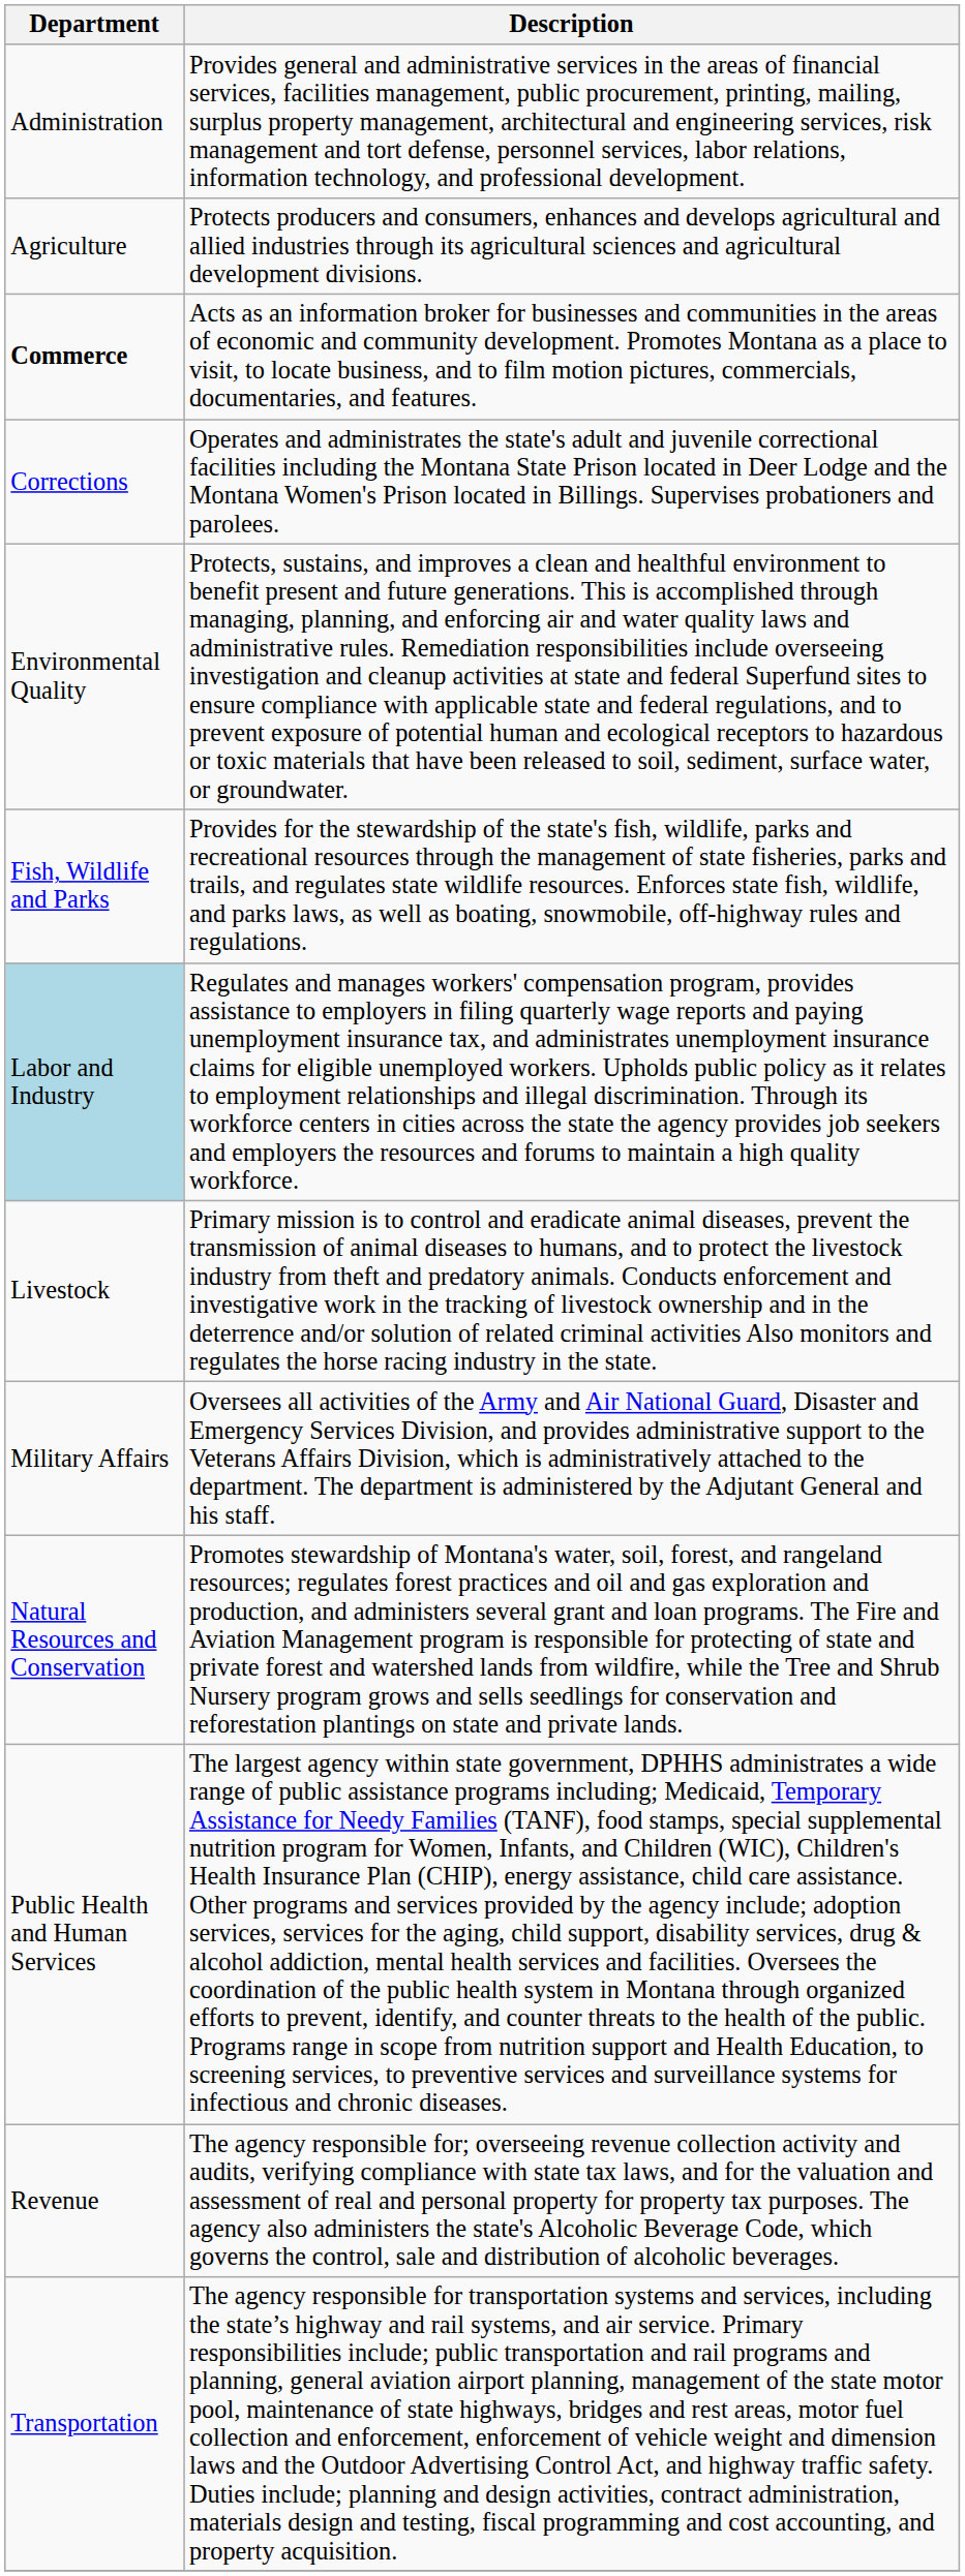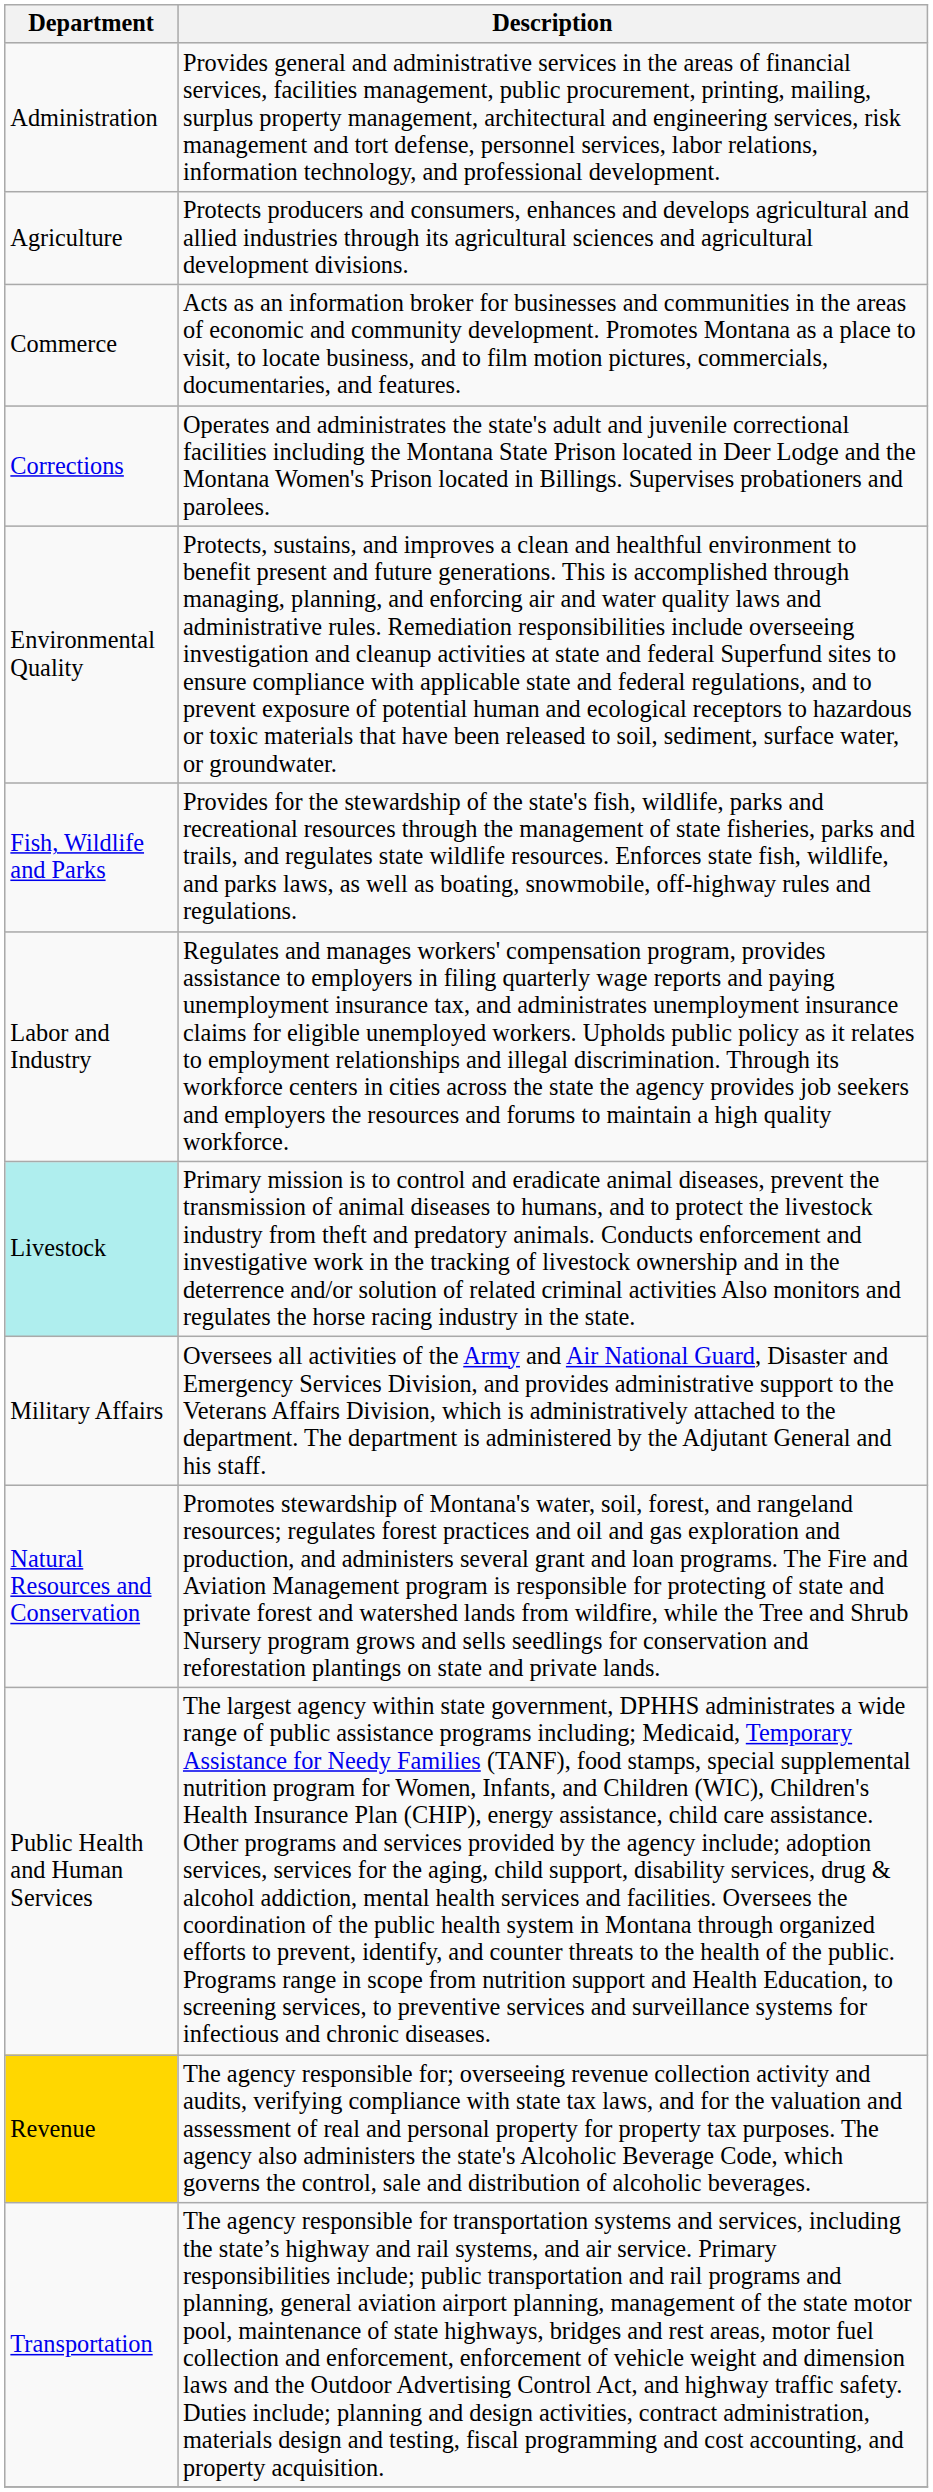 <table class="wikitable">
 <tr>
 <th rowspan="1">Department</th>
 <th rowspan="1">Description</th>
 </tr>
 <tr>
 <td rowspan="1">Administration</td>
 <td>Provides general and administrative services in the areas of financial services, facilities management, public procurement, printing, mailing, surplus property management, architectural and engineering services, risk management and tort defense, personnel services, labor relations, information technology, and professional development.</td>
 </tr>
 <tr>
 <td rowspan="1">Agriculture</td>
 <td>Protects producers and consumers, enhances and develops agricultural and allied industries through its agricultural sciences and agricultural development divisions.</td>
 </tr>
 <tr>
-<td rowspan="1"><strong>Commerce</strong></td>
+<td rowspan="1">Commerce</td>
 <td>Acts as an information broker for businesses and communities in the areas of economic and community development.  Promotes Montana as a place to visit, to locate business, and to film motion pictures, commercials, documentaries, and features.</td>
 </tr>
 <tr>
 <td rowspan="1"><a href='#'>Corrections</a></td>
 <td>Operates and administrates the state's adult and juvenile correctional facilities including the Montana State Prison located in Deer Lodge and the Montana Women's Prison located in Billings.  Supervises probationers and parolees.</td>
 </tr>
 <tr>
 <td rowspan="1">Environmental Quality</td>
 <td>Protects, sustains, and improves a clean and healthful environment to benefit present and future generations.  This is accomplished through managing, planning, and enforcing air and water quality laws and administrative rules.  Remediation responsibilities include overseeing investigation and cleanup activities at state and federal Superfund sites to ensure compliance with applicable state and federal regulations, and to prevent exposure of potential human and ecological receptors to hazardous or toxic materials that have been released to soil, sediment, surface water, or groundwater.</td>
 </tr>
 <tr>
 <td rowspan="1"><a href='#'>Fish, Wildlife and Parks</a></td>
 <td>Provides for the stewardship of the state's fish, wildlife, parks and recreational resources through the management of state fisheries, parks and trails, and regulates state wildlife resources. Enforces state fish, wildlife, and parks laws, as well as boating, snowmobile, off-highway rules and regulations.</td>
 </tr>
 <tr>
-<td rowspan="1" style="background: lightblue;">Labor and Industry</td>
+<td rowspan="1">Labor and Industry</td>
 <td>Regulates and manages workers' compensation program, provides assistance to employers in filing quarterly wage reports and paying unemployment insurance tax, and administrates unemployment insurance claims for eligible unemployed workers.  Upholds public policy as it relates to employment relationships and illegal discrimination.  Through its workforce centers in cities across the state the agency provides job seekers and employers the resources and forums to maintain a high quality workforce.</td>
 </tr>
 <tr>
-<td rowspan="1">Livestock</td>
+<td rowspan="1" style="background: paleturquoise;">Livestock</td>
 <td>Primary mission is to control and eradicate animal diseases, prevent the transmission of animal diseases to humans, and to protect the livestock industry from theft and predatory animals.  Conducts enforcement and investigative work in the tracking of livestock ownership and in the deterrence and/or solution of related criminal activities  Also monitors and regulates the horse racing industry in the state.</td>
 </tr>
 <tr>
 <td rowspan="1">Military Affairs</td>
 <td>Oversees all activities of the <a href='#'>Army</a> and <a href='#'>Air National Guard</a>, Disaster and Emergency Services Division, and provides administrative support to the Veterans Affairs Division, which is administratively attached to the department.  The department is administered by the Adjutant General and his staff.</td>
 </tr>
 <tr>
 <td rowspan="1"><a href='#'>Natural Resources and Conservation</a></td>
 <td>Promotes stewardship of Montana's water, soil, forest, and rangeland resources; regulates forest practices and oil and gas exploration and production, and administers several grant and loan programs.  The Fire and Aviation Management program is responsible for protecting  of state and private forest and watershed lands from wildfire, while the Tree and Shrub Nursery program grows and sells seedlings for conservation and reforestation plantings on state and private lands.</td>
 </tr>
 <tr>
 <td rowspan="1">Public Health and Human Services</td>
 <td>The largest agency within state government, DPHHS administrates a wide range of public assistance programs including; Medicaid, <a href='#'>Temporary Assistance for Needy Families</a> (TANF), food stamps, special supplemental nutrition program for Women, Infants, and Children (WIC), Children's Health Insurance Plan (CHIP), energy assistance, child care assistance.  Other programs and services provided by the agency include; adoption services, services for the aging, child support, disability services, drug & alcohol addiction, mental health services and facilities.  Oversees the coordination of the public health system in Montana through organized efforts to prevent, identify, and counter threats to the health of the public.  Programs range in scope from nutrition support and Health Education, to screening services, to preventive services and surveillance systems for infectious and chronic diseases.</td>
 </tr>
 <tr>
-<td rowspan="1">Revenue</td>
+<td rowspan="1" style="background: gold;">Revenue</td>
 <td>The agency responsible for; overseeing revenue collection activity and audits, verifying compliance with state tax laws, and for the valuation and assessment of real and personal property for property tax purposes.  The agency also administers the state's Alcoholic Beverage Code, which governs the control, sale and distribution of alcoholic beverages.</td>
 </tr>
 <tr>
 <td rowspan="1"><a href='#'>Transportation</a></td>
 <td>The agency responsible for transportation systems and services, including the state’s highway and rail systems, and air service.  Primary responsibilities include; public transportation and rail programs and planning, general aviation airport planning, management of the state motor pool, maintenance of state highways, bridges and rest areas, motor fuel collection and enforcement, enforcement of vehicle weight and dimension laws and the Outdoor Advertising Control Act, and highway traffic safety.  Duties include; planning and design activities, contract administration, materials design and testing, fiscal programming and cost accounting, and property acquisition.</td>
 </tr>
 <tr>
 </tr>
 </table>
